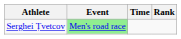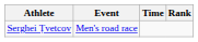 <table class="wikitable" style="font-size:90%">
 <tr>
 <th>Athlete</th>
 <th>Event</th>
 <th>Time</th>
 <th>Rank</th>
 </tr>
 <tr align=center>
 <td align=left><a href='#'>Serghei Țvetcov</a></td>
-<td align=left style="background: lightgreen;"><a href='#'>Men's road race</a></td>
+<td align=left><a href='#'>Men's road race</a></td>
 <td colspan=2></td>
 </tr>
 </table>
